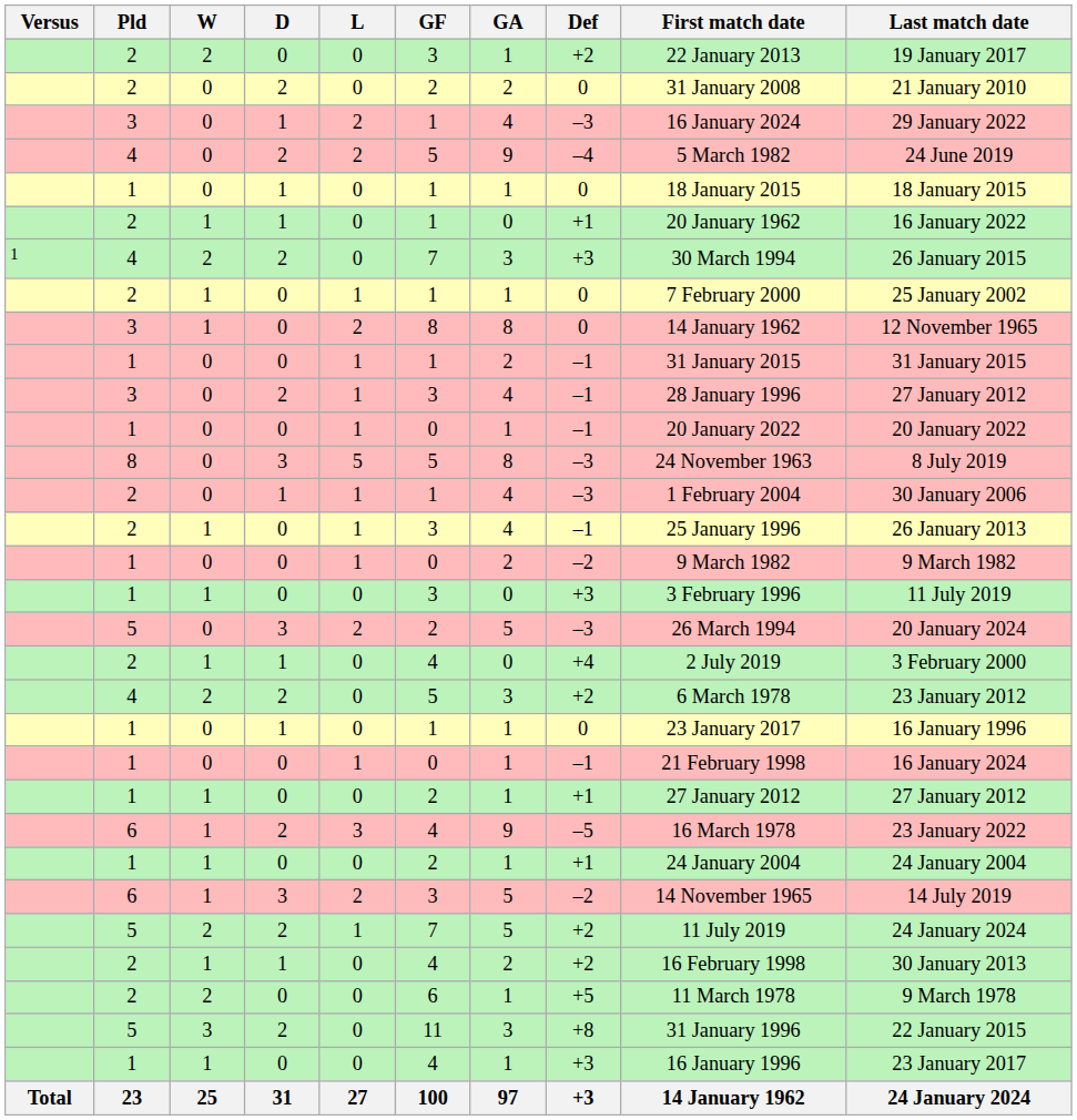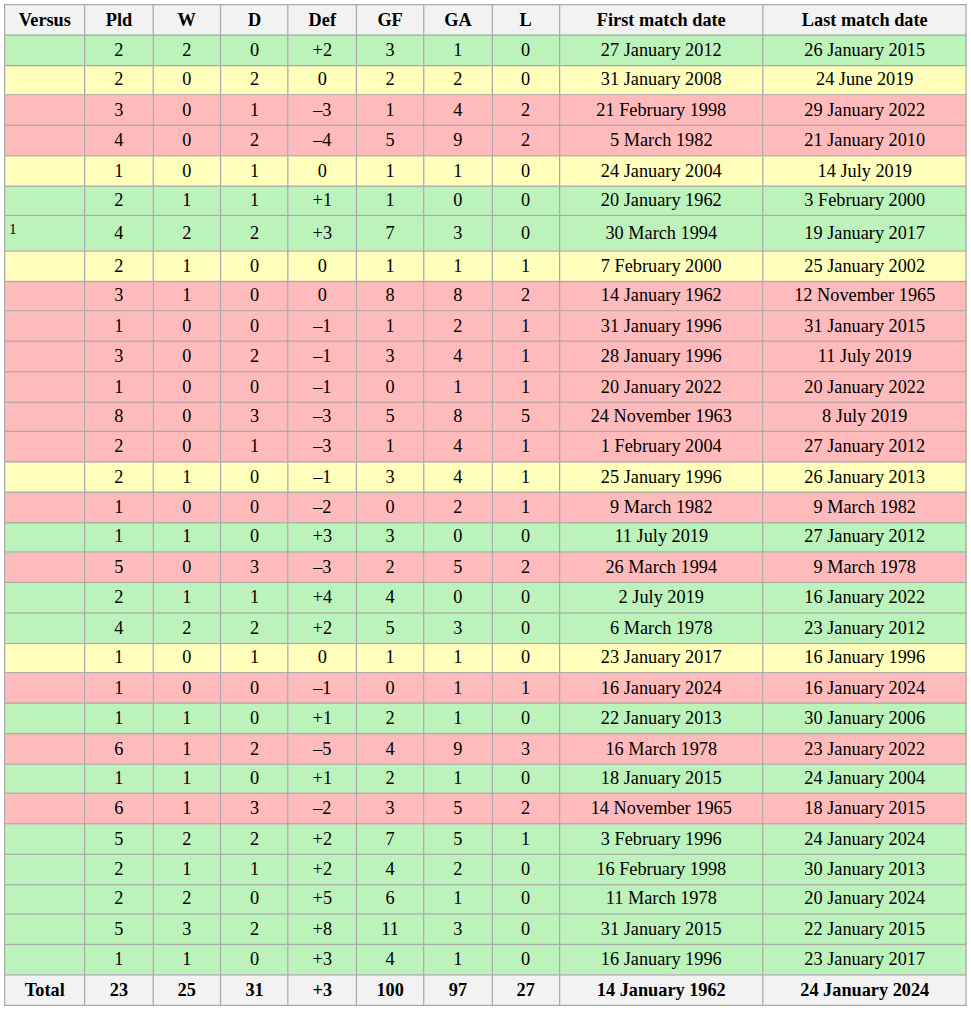 <table class="wikitable collapsed" style="font-size:90%; text-align:center;" width="60%">
 <tr>
 <th width="5%">Versus</th>
 <th width="5%">Pld</th>
 <th width="5%">W</th>
 <th width="5%">D</th>
-<th width="5%">L</th>
+<th width="5%">Def</th>
 <th width="5%">GF</th>
 <th width="5%">GA</th>
-<th width="5%">Def</th>
+<th width="5%">L</th>
 <th width="15%">First match date</th>
 <th width="15%">Last match date</th>
 </tr>
 <tr bgcolor="#bbf3bb">
 <td align="left"></td>
 <td>2</td>
 <td>2</td>
 <td>0</td>
-<td>0</td>
+<td>+2</td>
 <td>3</td>
 <td>1</td>
-<td>+2</td>
-<td>22 January 2013</td>
-<td>19 January 2017</td>
+<td>0</td>
+<td>27 January 2012</td>
+<td>26 January 2015</td>
 </tr>
 <tr bgcolor="#ffffbb">
 <td align="left"></td>
 <td>2</td>
 <td>0</td>
 <td>2</td>
 <td>0</td>
 <td>2</td>
 <td>2</td>
 <td>0</td>
 <td>31 January 2008</td>
-<td>21 January 2010</td>
+<td>24 June 2019</td>
 </tr>
 <tr bgcolor="#ffbbbb">
 <td align="left"></td>
 <td>3</td>
 <td>0</td>
 <td>1</td>
-<td>2</td>
+<td>–3</td>
 <td>1</td>
 <td>4</td>
-<td>–3</td>
-<td>16 January 2024</td>
+<td>2</td>
+<td>21 February 1998</td>
 <td>29 January 2022</td>
 </tr>
 <tr bgcolor="#ffbbbb">
 <td align="left"></td>
 <td>4</td>
 <td>0</td>
 <td>2</td>
-<td>2</td>
+<td>–4</td>
 <td>5</td>
 <td>9</td>
-<td>–4</td>
+<td>2</td>
 <td>5 March 1982</td>
-<td>24 June 2019</td>
+<td>21 January 2010</td>
 </tr>
 <tr bgcolor="#ffffbb">
 <td align="left"></td>
 <td>1</td>
 <td>0</td>
 <td>1</td>
 <td>0</td>
 <td>1</td>
 <td>1</td>
 <td>0</td>
-<td>18 January 2015</td>
-<td>18 January 2015</td>
+<td>24 January 2004</td>
+<td>14 July 2019</td>
 </tr>
 <tr bgcolor="#bbf3bb">
 <td align="left"></td>
 <td>2</td>
 <td>1</td>
 <td>1</td>
-<td>0</td>
+<td>+1</td>
 <td>1</td>
 <td>0</td>
-<td>+1</td>
+<td>0</td>
 <td>20 January 1962</td>
-<td>16 January 2022</td>
+<td>3 February 2000</td>
 </tr>
 <tr bgcolor="#bbf3bb">
 <td align="left"><sup>1</sup></td>
 <td>4</td>
 <td>2</td>
 <td>2</td>
-<td>0</td>
+<td>+3</td>
 <td>7</td>
 <td>3</td>
-<td>+3</td>
+<td>0</td>
 <td>30 March 1994</td>
-<td>26 January 2015</td>
+<td>19 January 2017</td>
 </tr>
 <tr bgcolor="#ffffbb">
 <td align="left"></td>
 <td>2</td>
 <td>1</td>
 <td>0</td>
+<td>0</td>
 <td>1</td>
 <td>1</td>
 <td>1</td>
-<td>0</td>
 <td>7 February 2000</td>
 <td>25 January 2002</td>
 </tr>
 <tr bgcolor="#ffbbbb">
 <td align="left"></td>
 <td>3</td>
 <td>1</td>
 <td>0</td>
-<td>2</td>
+<td>0</td>
 <td>8</td>
 <td>8</td>
-<td>0</td>
+<td>2</td>
 <td>14 January 1962</td>
 <td>12 November 1965</td>
 </tr>
 <tr bgcolor="#ffbbbb">
 <td align="left"></td>
 <td>1</td>
 <td>0</td>
 <td>0</td>
-<td>1</td>
+<td>–1</td>
 <td>1</td>
 <td>2</td>
-<td>–1</td>
-<td>31 January 2015</td>
+<td>1</td>
+<td>31 January 1996</td>
 <td>31 January 2015</td>
 </tr>
 <tr bgcolor="#ffbbbb">
 <td align="left"></td>
 <td>3</td>
 <td>0</td>
 <td>2</td>
-<td>1</td>
+<td>–1</td>
 <td>3</td>
 <td>4</td>
-<td>–1</td>
+<td>1</td>
 <td>28 January 1996</td>
-<td>27 January 2012</td>
+<td>11 July 2019</td>
 </tr>
 <tr bgcolor="#ffbbbb">
 <td align="left"></td>
 <td>1</td>
 <td>0</td>
 <td>0</td>
-<td>1</td>
+<td>–1</td>
 <td>0</td>
 <td>1</td>
-<td>–1</td>
+<td>1</td>
 <td>20 January 2022</td>
 <td>20 January 2022</td>
 </tr>
 <tr bgcolor="#ffbbbb">
 <td align="left"></td>
 <td>8</td>
 <td>0</td>
 <td>3</td>
-<td>5</td>
+<td>–3</td>
 <td>5</td>
 <td>8</td>
-<td>–3</td>
+<td>5</td>
 <td>24 November 1963</td>
 <td>8 July 2019</td>
 </tr>
 <tr bgcolor="#ffbbbb">
 <td align="left"></td>
 <td>2</td>
 <td>0</td>
 <td>1</td>
-<td>1</td>
+<td>–3</td>
 <td>1</td>
 <td>4</td>
-<td>–3</td>
+<td>1</td>
 <td>1 February 2004</td>
-<td>30 January  2006</td>
+<td>27 January 2012</td>
 </tr>
 <tr bgcolor="#ffffbb">
 <td align="left"></td>
 <td>2</td>
 <td>1</td>
 <td>0</td>
-<td>1</td>
+<td>–1</td>
 <td>3</td>
 <td>4</td>
-<td>–1</td>
+<td>1</td>
 <td>25 January 1996</td>
 <td>26 January 2013</td>
 </tr>
 <tr bgcolor="#ffbbbb">
 <td align="left"></td>
 <td>1</td>
 <td>0</td>
 <td>0</td>
-<td>1</td>
+<td>–2</td>
 <td>0</td>
 <td>2</td>
-<td>–2</td>
+<td>1</td>
 <td>9 March 1982</td>
 <td>9 March 1982</td>
 </tr>
 <tr bgcolor="#bbf3bb">
 <td align="left"></td>
 <td>1</td>
 <td>1</td>
 <td>0</td>
-<td>0</td>
+<td>+3</td>
 <td>3</td>
 <td>0</td>
-<td>+3</td>
-<td>3 February 1996</td>
+<td>0</td>
 <td>11 July 2019</td>
+<td>27 January 2012</td>
 </tr>
 <tr bgcolor="#ffbbbb">
 <td align="left"></td>
 <td>5</td>
 <td>0</td>
 <td>3</td>
-<td>2</td>
+<td>–3</td>
 <td>2</td>
 <td>5</td>
-<td>–3</td>
+<td>2</td>
 <td>26 March 1994</td>
-<td>20 January 2024</td>
+<td>9 March 1978</td>
 </tr>
 <tr bgcolor="#bbf3bb">
 <td align="left"></td>
 <td>2</td>
 <td>1</td>
 <td>1</td>
-<td>0</td>
+<td>+4</td>
 <td>4</td>
 <td>0</td>
-<td>+4</td>
+<td>0</td>
 <td>2 July 2019</td>
-<td>3 February 2000</td>
+<td>16 January 2022</td>
 </tr>
 <tr bgcolor="#bbf3bb">
 <td align="left"></td>
 <td>4</td>
 <td>2</td>
 <td>2</td>
-<td>0</td>
+<td>+2</td>
 <td>5</td>
 <td>3</td>
-<td>+2</td>
+<td>0</td>
 <td>6 March 1978</td>
 <td>23 January 2012</td>
 </tr>
 <tr bgcolor="#ffffbb">
 <td align="left"></td>
 <td>1</td>
 <td>0</td>
 <td>1</td>
 <td>0</td>
 <td>1</td>
 <td>1</td>
 <td>0</td>
 <td>23 January 2017</td>
 <td>16 January 1996</td>
 </tr>
 <tr bgcolor="#ffbbbb">
 <td align="left"></td>
 <td>1</td>
 <td>0</td>
 <td>0</td>
-<td>1</td>
+<td>–1</td>
 <td>0</td>
 <td>1</td>
-<td>–1</td>
-<td>21 February 1998</td>
+<td>1</td>
+<td>16 January 2024</td>
 <td>16 January 2024</td>
 </tr>
 <tr bgcolor="#bbf3bb">
 <td align="left"></td>
 <td>1</td>
 <td>1</td>
 <td>0</td>
-<td>0</td>
+<td>+1</td>
 <td>2</td>
 <td>1</td>
-<td>+1</td>
-<td>27 January 2012</td>
-<td>27 January 2012</td>
+<td>0</td>
+<td>22 January 2013</td>
+<td>30 January  2006</td>
 </tr>
 <tr bgcolor="#ffbbbb">
 <td align="left"></td>
 <td>6</td>
 <td>1</td>
 <td>2</td>
-<td>3</td>
+<td>–5</td>
 <td>4</td>
 <td>9</td>
-<td>–5</td>
+<td>3</td>
 <td>16 March 1978</td>
 <td>23 January 2022</td>
 </tr>
 <tr bgcolor="#bbf3bb">
 <td align="left"></td>
 <td>1</td>
 <td>1</td>
 <td>0</td>
-<td>0</td>
+<td>+1</td>
 <td>2</td>
 <td>1</td>
-<td>+1</td>
-<td>24 January 2004</td>
+<td>0</td>
+<td>18 January 2015</td>
 <td>24 January 2004</td>
 </tr>
 <tr bgcolor="#ffbbbb">
 <td align="left"></td>
 <td>6</td>
 <td>1</td>
 <td>3</td>
-<td>2</td>
+<td>–2</td>
 <td>3</td>
 <td>5</td>
-<td>–2</td>
+<td>2</td>
 <td>14 November 1965</td>
-<td>14 July 2019</td>
+<td>18 January 2015</td>
 </tr>
 <tr bgcolor="#bbf3bb">
 <td align="left"></td>
 <td>5</td>
 <td>2</td>
 <td>2</td>
-<td>1</td>
+<td>+2</td>
 <td>7</td>
 <td>5</td>
-<td>+2</td>
-<td>11 July 2019</td>
+<td>1</td>
+<td>3 February 1996</td>
 <td>24 January 2024</td>
 </tr>
 <tr bgcolor="#bbf3bb">
 <td align="left"></td>
 <td>2</td>
 <td>1</td>
 <td>1</td>
-<td>0</td>
+<td>+2</td>
 <td>4</td>
 <td>2</td>
-<td>+2</td>
+<td>0</td>
 <td>16 February 1998</td>
 <td>30 January 2013</td>
 </tr>
 <tr bgcolor="#bbf3bb">
 <td align="left"></td>
 <td>2</td>
 <td>2</td>
 <td>0</td>
-<td>0</td>
+<td>+5</td>
 <td>6</td>
 <td>1</td>
-<td>+5</td>
+<td>0</td>
 <td>11 March 1978</td>
-<td>9 March 1978</td>
+<td>20 January 2024</td>
 </tr>
 <tr bgcolor="#bbf3bb">
 <td align="left"></td>
 <td>5</td>
 <td>3</td>
 <td>2</td>
-<td>0</td>
+<td>+8</td>
 <td>11</td>
 <td>3</td>
-<td>+8</td>
-<td>31 January 1996</td>
+<td>0</td>
+<td>31 January 2015</td>
 <td>22 January 2015</td>
 </tr>
 <tr bgcolor="#bbf3bb">
 <td align="left"></td>
 <td>1</td>
 <td>1</td>
 <td>0</td>
-<td>0</td>
+<td>+3</td>
 <td>4</td>
 <td>1</td>
-<td>+3</td>
+<td>0</td>
 <td>16 January 1996</td>
 <td>23 January 2017</td>
 </tr>
 <tr>
 <th>Total</th>
 <th>23</th>
 <th>25</th>
 <th>31</th>
-<th>27</th>
+<th>+3</th>
 <th>100</th>
 <th>97</th>
-<th>+3</th>
+<th>27</th>
 <th>14 January 1962</th>
 <th>24 January 2024</th>
 </tr>
 </table>
